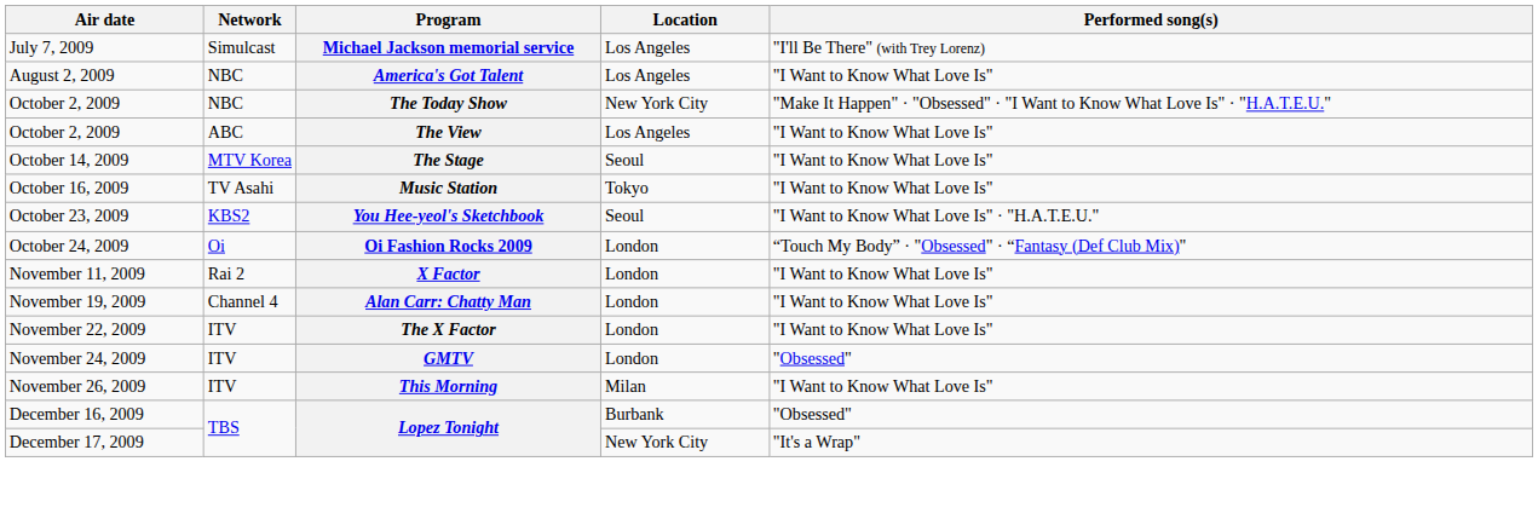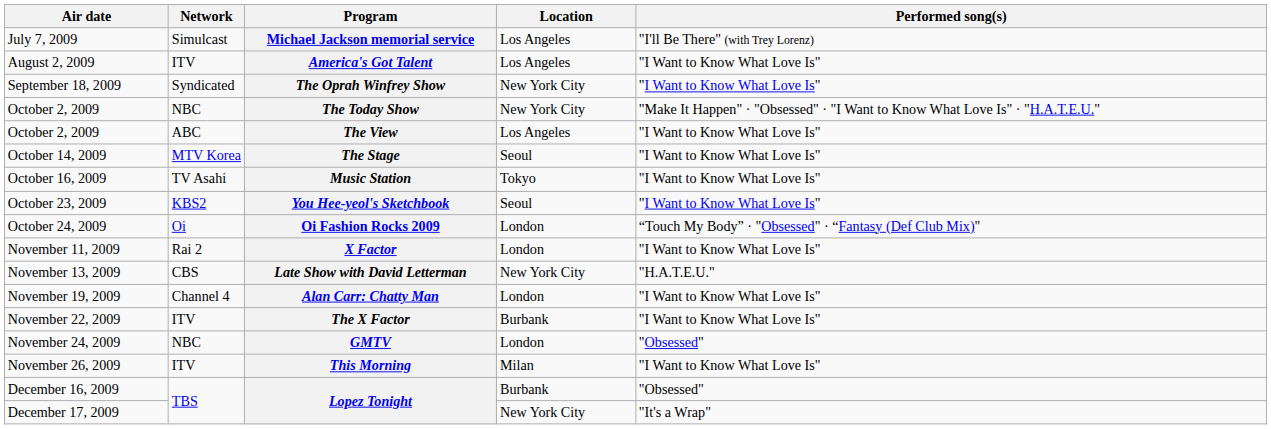 <table class="wikitable sortable plainrowheaders" style="font-size:95%;">
 <tr>
 <th style="width:13%;">Air date</th>
 <th style="width:6%;">Network</th>
 <th style="width:20%;">Program</th>
 <th style="width:11%;">Location</th>
 <th style="width:51%;">Performed song(s)</th>
 </tr>
 <tr>
 <td>July 7, 2009</td>
 <td>Simulcast</td>
 <th scope="row"><a href='#'>Michael Jackson memorial service</a></th>
 <td>Los Angeles</td>
 <td>"I'll Be There" <small>(with Trey Lorenz)</small></td>
 </tr>
 <tr>
 <td>August 2, 2009</td>
-<td>NBC</td>
+<td>ITV</td>
 <th scope="row"><em><a href='#'>America's Got Talent</a></em></th>
 <td>Los Angeles</td>
 <td>"I Want to Know What Love Is"</td>
+</tr>
+<tr>
+<td>September 18, 2009</td>
+<td>Syndicated</td>
+<th scope="row"><em>The Oprah Winfrey Show</em></th>
+<td>New York City</td>
+<td>"<a href='#'>I Want to Know What Love Is</a>"</td>
 </tr>
 <tr>
 <td>October 2, 2009</td>
 <td>NBC</td>
 <th scope="row"><em>The Today Show</em></th>
 <td>New York City</td>
 <td>"Make It Happen" · "Obsessed" · "I Want to Know What Love Is" · "<a href='#'>H.A.T.E.U.</a>"</td>
 </tr>
 <tr>
 <td>October 2, 2009</td>
 <td>ABC</td>
 <th scope="row"><em>The View</em></th>
 <td>Los Angeles</td>
 <td>"I Want to Know What Love Is"</td>
 </tr>
 <tr>
 <td>October 14, 2009</td>
 <td><a href='#'>MTV Korea</a></td>
 <th scope="row"><em>The Stage</em></th>
 <td>Seoul</td>
 <td>"I Want to Know What Love Is"</td>
 </tr>
 <tr>
 <td>October 16, 2009</td>
 <td>TV Asahi</td>
 <th scope="row"><em>Music Station</em></th>
 <td>Tokyo</td>
 <td>"I Want to Know What Love Is"</td>
 </tr>
 <tr>
 <td>October 23, 2009</td>
 <td><a href='#'>KBS2</a></td>
 <th scope="row"><em><a href='#'>You Hee-yeol's Sketchbook</a></em></th>
 <td>Seoul</td>
-<td>"I Want to Know What Love Is" · "H.A.T.E.U."</td>
+<td>"<a href='#'>I Want to Know What Love Is</a>"</td>
 </tr>
 <tr>
 <td>October 24, 2009</td>
 <td><a href='#'>Oi</a></td>
 <th scope="row"><a href='#'>Oi Fashion Rocks 2009</a></th>
 <td>London</td>
 <td>“Touch My Body” · "<a href='#'>Obsessed</a>" · “<a href='#'>Fantasy (Def Club Mix)</a>"</td>
 </tr>
 <tr>
 <td>November 11, 2009</td>
 <td>Rai 2</td>
 <th scope="row"><em><a href='#'>X Factor</a></em></th>
 <td>London</td>
 <td>"I Want to Know What Love Is"</td>
 </tr>
 <tr>
+<td>November 13, 2009</td>
+<td>CBS</td>
+<th scope="row"><em>Late Show with David Letterman</em></th>
+<td>New York City</td>
+<td>"H.A.T.E.U."</td>
+</tr>
+<tr>
 <td>November 19, 2009</td>
 <td>Channel 4</td>
 <th scope="row"><em><a href='#'>Alan Carr: Chatty Man</a></em></th>
 <td>London</td>
 <td>"I Want to Know What Love Is"</td>
 </tr>
 <tr>
 <td>November 22, 2009</td>
 <td>ITV</td>
 <th scope="row"><em>The X Factor</em></th>
-<td>London</td>
+<td>Burbank</td>
 <td>"I Want to Know What Love Is"</td>
 </tr>
 <tr>
 <td>November 24, 2009</td>
-<td>ITV</td>
+<td>NBC</td>
 <th scope="row"><em><a href='#'>GMTV</a></em></th>
 <td>London</td>
 <td>"<a href='#'>Obsessed</a>"</td>
 </tr>
 <tr>
 <td>November 26, 2009</td>
 <td>ITV</td>
 <th scope="row"><em><a href='#'>This Morning</a></em></th>
 <td>Milan</td>
 <td>"I Want to Know What Love Is"</td>
 </tr>
 <tr>
 <td>December 16, 2009</td>
 <td rowspan="2"><a href='#'>TBS</a></td>
 <th scope="row" rowspan="2"><em><a href='#'>Lopez Tonight</a></em></th>
 <td>Burbank</td>
 <td>"Obsessed"</td>
 </tr>
 <tr>
 <td>December 17, 2009</td>
 <td>New York City</td>
 <td>"It's a Wrap"</td>
 </tr>
 </table>
